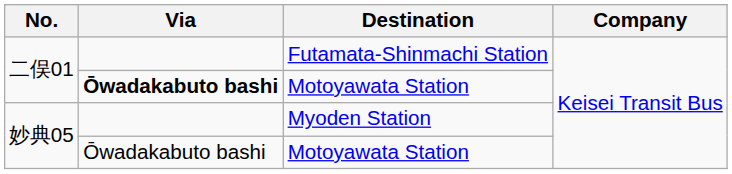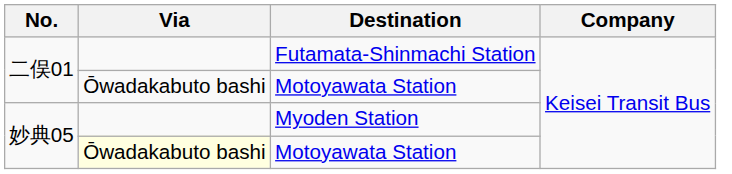 <table class="wikitable">
 <tr>
 <th>No.</th>
 <th>Via</th>
 <th>Destination</th>
 <th>Company</th>
 </tr>
 <tr>
 <td rowspan="2">二俣01</td>
 <td></td>
 <td><a href='#'>Futamata-Shinmachi Station</a></td>
 <td rowspan="4"><a href='#'>Keisei Transit Bus</a></td>
 </tr>
 <tr>
-<td><strong>Ōwadakabuto bashi</strong></td>
+<td>Ōwadakabuto bashi</td>
 <td><a href='#'>Motoyawata Station</a></td>
 </tr>
 <tr>
 <td rowspan="2">妙典05</td>
 <td></td>
 <td><a href='#'>Myoden Station</a></td>
 </tr>
 <tr>
-<td>Ōwadakabuto bashi</td>
+<td style="background: lightyellow;">Ōwadakabuto bashi</td>
 <td><a href='#'>Motoyawata Station</a></td>
 </tr>
 </table>
